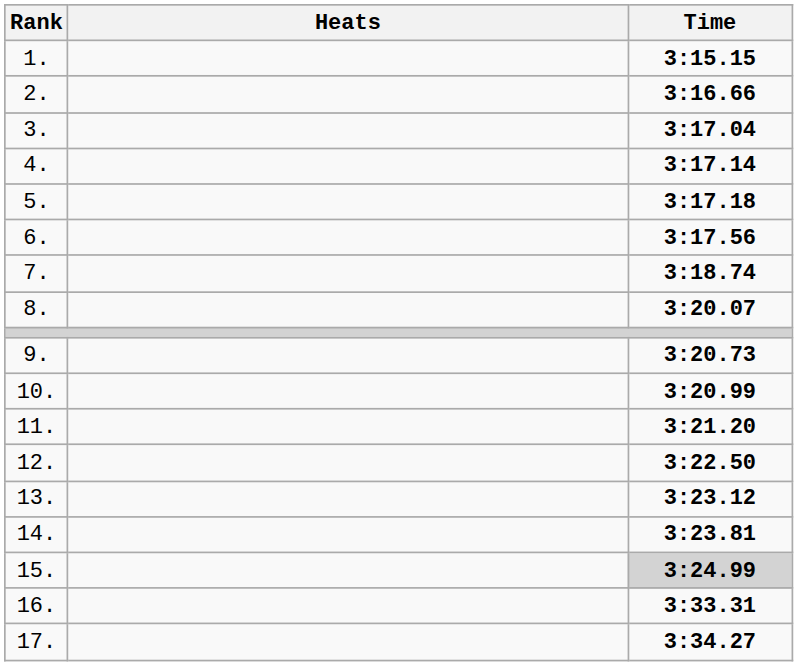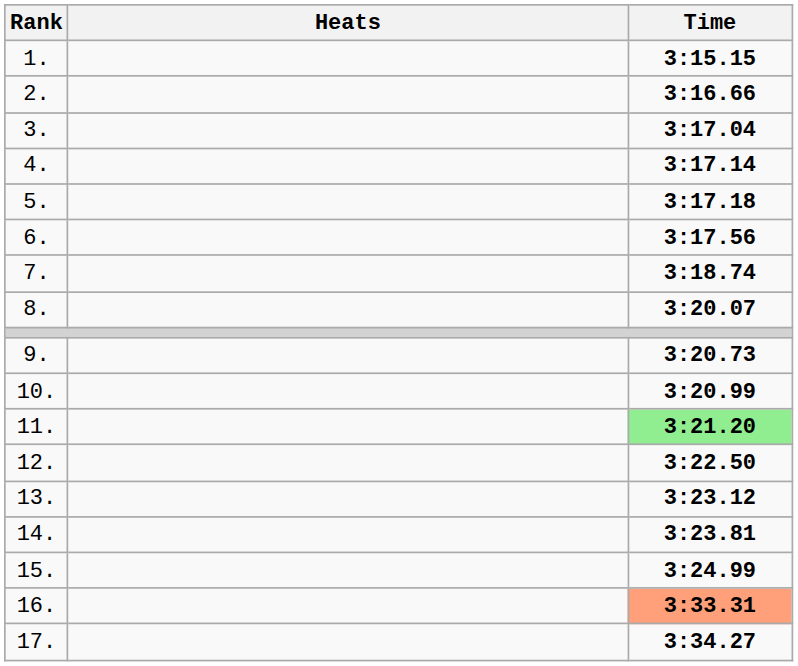 <table class="wikitable">
 <tr>
 <th>Rank</th>
 <th style="width: 25em">Heats</th>
 <th style="width: 7em">Time</th>
 </tr>
 <tr>
 <td align="center">1.</td>
 <td><strong></strong></td>
 <td align="center"><strong>3:15.15</strong></td>
 </tr>
 <tr>
 <td align="center">2.</td>
 <td><strong></strong></td>
 <td align="center"><strong>3:16.66</strong></td>
 </tr>
 <tr>
 <td align="center">3.</td>
 <td><strong></strong></td>
 <td align="center"><strong>3:17.04</strong></td>
 </tr>
 <tr>
 <td align="center">4.</td>
 <td><strong></strong></td>
 <td align="center"><strong>3:17.14</strong></td>
 </tr>
 <tr>
 <td align="center">5.</td>
 <td><strong></strong></td>
 <td align="center"><strong>3:17.18</strong></td>
 </tr>
 <tr>
 <td align="center">6.</td>
 <td><strong></strong></td>
 <td align="center"><strong>3:17.56</strong></td>
 </tr>
 <tr>
 <td align="center">7.</td>
 <td><strong></strong></td>
 <td align="center"><strong>3:18.74</strong></td>
 </tr>
 <tr>
 <td align="center">8.</td>
 <td><strong></strong></td>
 <td align="center"><strong>3:20.07</strong></td>
 </tr>
 <tr>
 <td colspan=3 bgcolor=lightgray></td>
 </tr>
 <tr>
 <td align="center">9.</td>
 <td><strong></strong></td>
 <td align="center"><strong>3:20.73</strong></td>
 </tr>
 <tr>
 <td align="center">10.</td>
 <td><strong></strong></td>
 <td align="center"><strong>3:20.99</strong></td>
 </tr>
 <tr>
 <td align="center">11.</td>
 <td><strong></strong></td>
-<td align="center"><strong>3:21.20</strong></td>
+<td align="center" style="background: lightgreen;"><strong>3:21.20</strong></td>
 </tr>
 <tr>
 <td align="center">12.</td>
 <td><strong></strong></td>
 <td align="center"><strong>3:22.50</strong></td>
 </tr>
 <tr>
 <td align="center">13.</td>
 <td><strong></strong></td>
 <td align="center"><strong>3:23.12</strong></td>
 </tr>
 <tr>
 <td align="center">14.</td>
 <td><strong></strong></td>
 <td align="center"><strong>3:23.81</strong></td>
 </tr>
 <tr>
 <td align="center">15.</td>
 <td><strong></strong></td>
-<td align="center" style="background: lightgrey;"><strong>3:24.99</strong></td>
+<td align="center"><strong>3:24.99</strong></td>
 </tr>
 <tr>
 <td align="center">16.</td>
 <td><strong></strong></td>
-<td align="center"><strong>3:33.31</strong></td>
+<td align="center" style="background: lightsalmon;"><strong>3:33.31</strong></td>
 </tr>
 <tr>
 <td align="center">17.</td>
 <td><strong></strong></td>
 <td align="center"><strong>3:34.27</strong></td>
 </tr>
 </table>
